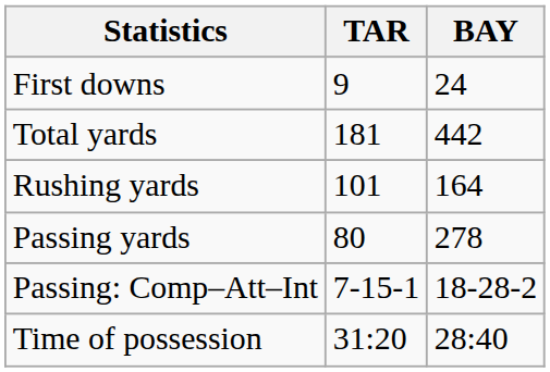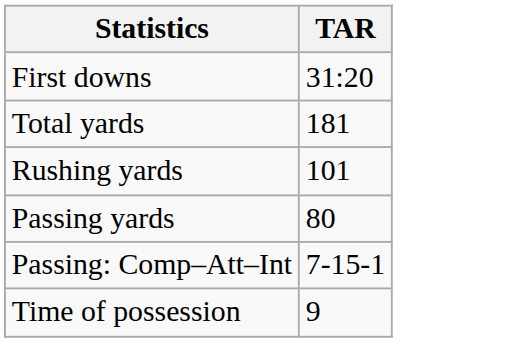 <table class="wikitable" style="float: left;">
 <tr>
 <th>Statistics</th>
 <th>TAR</th>
-<th>BAY</th>
 </tr>
 <tr>
 <td>First downs</td>
-<td>9</td>
-<td>24</td>
+<td>31:20</td>
 </tr>
 <tr>
 <td>Total yards</td>
 <td>181</td>
-<td>442</td>
 </tr>
 <tr>
 <td>Rushing yards</td>
 <td>101</td>
-<td>164</td>
 </tr>
 <tr>
 <td>Passing yards</td>
 <td>80</td>
-<td>278</td>
 </tr>
 <tr>
 <td>Passing: Comp–Att–Int</td>
 <td>7-15-1</td>
-<td>18-28-2</td>
 </tr>
 <tr>
 <td>Time of possession</td>
-<td>31:20</td>
-<td>28:40</td>
+<td>9</td>
 </tr>
 </table>
